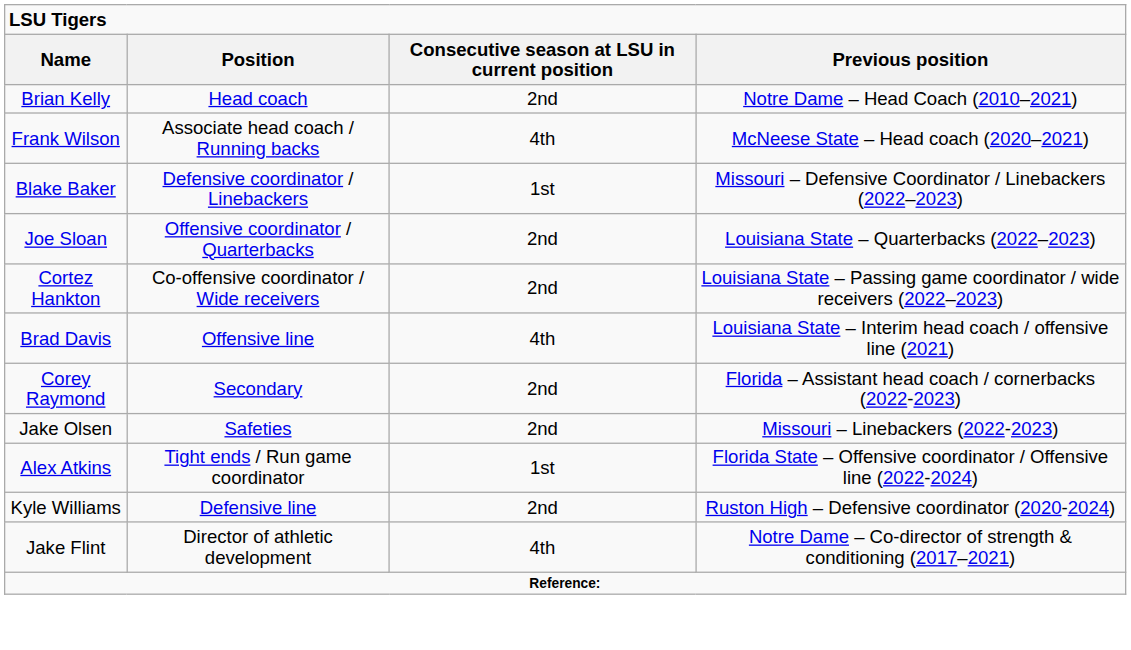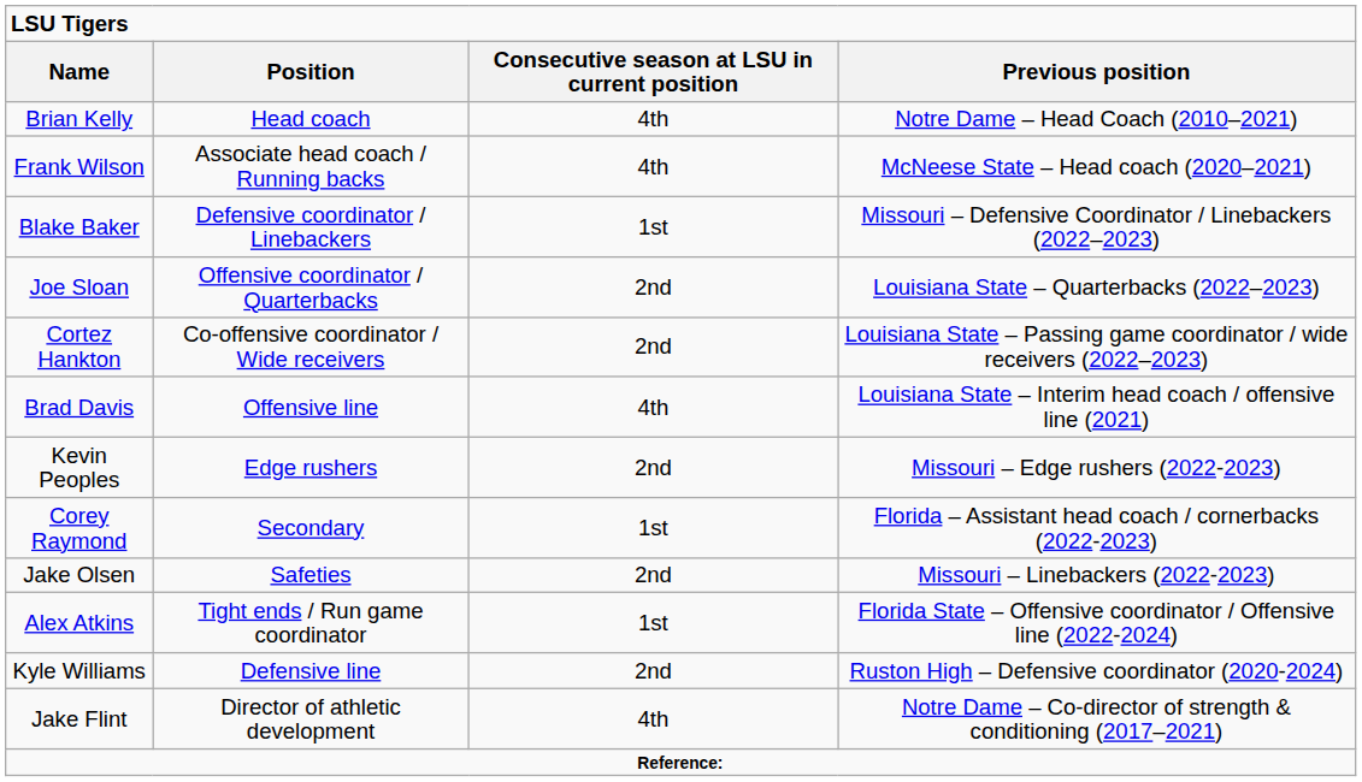 <table class="wikitable" style="font-size:90%;">
 <tr>
 <td colspan=4><strong>LSU Tigers</strong></td>
 </tr>
 <tr align="center";>
 <th>Name</th>
 <th>Position</th>
 <th>Consecutive season at LSU in current position</th>
 <th>Previous position</th>
 </tr>
 <tr align="center";>
 <td><a href='#'>Brian Kelly</a></td>
 <td><a href='#'>Head coach</a></td>
-<td>2nd</td>
+<td>4th</td>
 <td><a href='#'>Notre Dame</a> – Head Coach (<a href='#'>2010</a>–<a href='#'>2021</a>)</td>
 </tr>
 <tr align="center";>
 <td><a href='#'>Frank Wilson</a></td>
 <td>Associate head coach / <a href='#'>Running backs</a></td>
 <td>4th</td>
 <td><a href='#'>McNeese State</a> – Head coach (<a href='#'>2020</a>–<a href='#'>2021</a>)</td>
 </tr>
 <tr align="center";>
 <td><a href='#'>Blake Baker</a></td>
 <td><a href='#'>Defensive coordinator</a> / <a href='#'>Linebackers</a></td>
 <td>1st</td>
 <td><a href='#'>Missouri</a> – Defensive Coordinator / Linebackers (<a href='#'>2022</a>–<a href='#'>2023</a>)</td>
 </tr>
 <tr align="center";>
 <td><a href='#'>Joe Sloan</a></td>
 <td><a href='#'>Offensive coordinator</a> / <a href='#'>Quarterbacks</a></td>
 <td>2nd</td>
 <td><a href='#'>Louisiana State</a> – Quarterbacks (<a href='#'>2022</a>–<a href='#'>2023</a>)</td>
 </tr>
 <tr align="center";>
 <td><a href='#'>Cortez Hankton</a></td>
 <td>Co-offensive coordinator / <a href='#'>Wide receivers</a></td>
 <td>2nd</td>
 <td><a href='#'>Louisiana State</a> – Passing game coordinator / wide receivers (<a href='#'>2022</a>–<a href='#'>2023</a>)</td>
 </tr>
 <tr align="center";>
 <td><a href='#'>Brad Davis</a></td>
 <td><a href='#'>Offensive line</a></td>
 <td>4th</td>
 <td><a href='#'>Louisiana State</a> – Interim head coach / offensive line (<a href='#'>2021</a>)</td>
 </tr>
 <tr align="center";>
+<td>Kevin Peoples</td>
+<td><a href='#'>Edge rushers</a></td>
+<td>2nd</td>
+<td><a href='#'>Missouri</a> – Edge rushers (<a href='#'>2022</a>-<a href='#'>2023</a>)</td>
+</tr>
+<tr align="center";>
 <td><a href='#'>Corey Raymond</a></td>
 <td><a href='#'>Secondary</a></td>
-<td>2nd</td>
+<td>1st</td>
 <td><a href='#'>Florida</a> – Assistant head coach / cornerbacks (<a href='#'>2022</a>-<a href='#'>2023</a>)</td>
 </tr>
 <tr align="center";>
 <td>Jake Olsen</td>
 <td><a href='#'>Safeties</a></td>
 <td>2nd</td>
 <td><a href='#'>Missouri</a> – Linebackers (<a href='#'>2022</a>-<a href='#'>2023</a>)</td>
 </tr>
 <tr align="center";>
 <td><a href='#'>Alex Atkins</a></td>
 <td><a href='#'>Tight ends</a> / Run game coordinator</td>
 <td>1st</td>
 <td><a href='#'>Florida State</a> – Offensive coordinator / Offensive line (<a href='#'>2022</a>-<a href='#'>2024</a>)</td>
 </tr>
 <tr align="center";>
 <td>Kyle Williams</td>
 <td><a href='#'>Defensive line</a></td>
 <td>2nd</td>
 <td><a href='#'>Ruston High</a> – Defensive coordinator (<a href='#'>2020</a>-<a href='#'>2024</a>)</td>
 </tr>
 <tr align="center";>
 <td>Jake Flint</td>
 <td>Director of athletic development</td>
 <td>4th</td>
 <td><a href='#'>Notre Dame</a> – Co-director of strength & conditioning (<a href='#'>2017</a>–<a href='#'>2021</a>)</td>
 </tr>
 <tr>
 <td colspan="4"  style="font-size:8pt; text-align:center;"><strong>Reference:</strong></td>
 </tr>
 </table>
